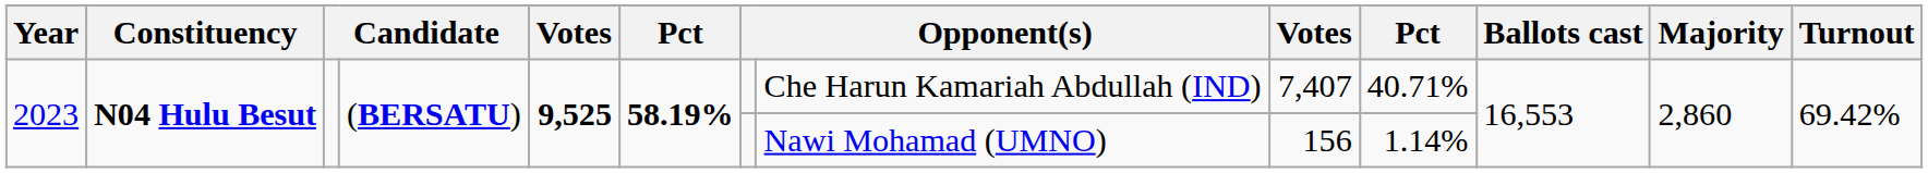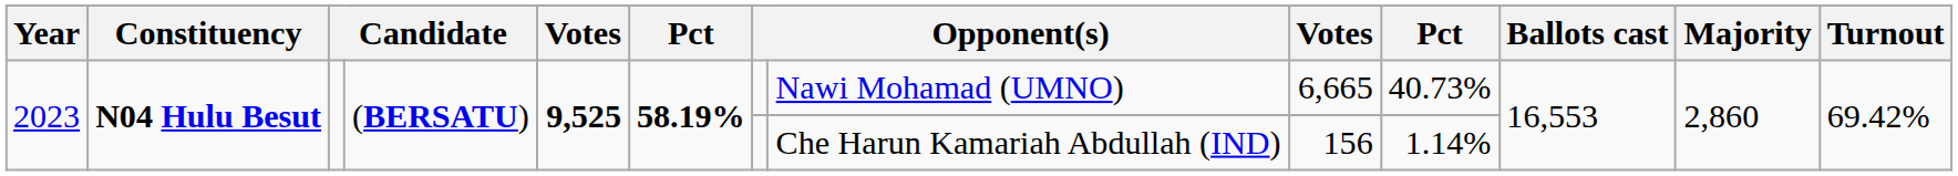 <table class="wikitable" style="margin:0.5em ; font-size:95%">
 <tr>
 <th>Year</th>
 <th>Constituency</th>
 <th colspan=2>Candidate</th>
 <th>Votes</th>
 <th>Pct</th>
 <th colspan=2>Opponent(s)</th>
 <th>Votes</th>
 <th>Pct</th>
 <th>Ballots cast</th>
 <th>Majority</th>
 <th>Turnout</th>
 </tr>
 <tr>
 <td rowspan=2><a href='#'>2023</a></td>
 <td rowspan=2><strong>N04 <a href='#'>Hulu Besut</a></strong></td>
 <td rowspan=2 ></td>
 <td rowspan=2> (<a href='#'><strong>BERSATU</strong></a>)</td>
 <td rowspan=2 align=right><strong>9,525</strong></td>
 <td rowspan=2><strong>58.19%</strong></td>
 <td></td>
-<td>Che Harun Kamariah Abdullah (<a href='#'>IND</a>)</td>
-<td align=right>7,407</td>
-<td>40.71%</td>
+<td><a href='#'>Nawi Mohamad</a> (<a href='#'>UMNO</a>)</td>
+<td align=right>6,665</td>
+<td>40.73%</td>
 <td rowspan=2>16,553</td>
 <td rowspan=2>2,860</td>
 <td rowspan=2>69.42%</td>
 </tr>
 <tr>
 <td></td>
-<td><a href='#'>Nawi Mohamad</a> (<a href='#'>UMNO</a>)</td>
+<td>Che Harun Kamariah Abdullah (<a href='#'>IND</a>)</td>
 <td align=right>156</td>
 <td align=right>1.14%</td>
 </tr>
 </table>
